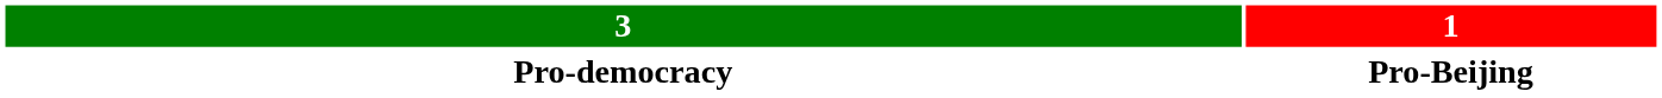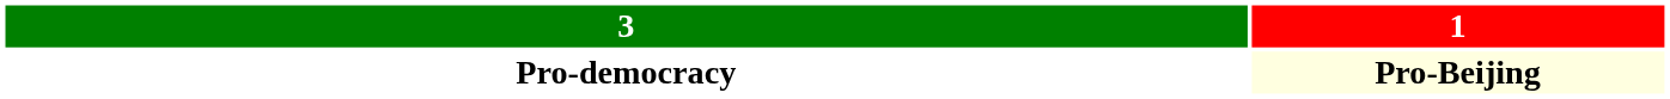 <table style="width:50%; text-align:center;">
 <tr style="color:white;">
 <td style="background:green; width:75%;"><strong>3</strong></td>
 <td style="background:red; width:25%;"><strong>1</strong></td>
 </tr>
 <tr>
 <td><span><strong>Pro-democracy</strong></span></td>
-<td><span><strong>Pro-Beijing</strong></span></td>
+<td style="background: lightyellow;"><span><strong>Pro-Beijing</strong></span></td>
 </tr>
 </table>
